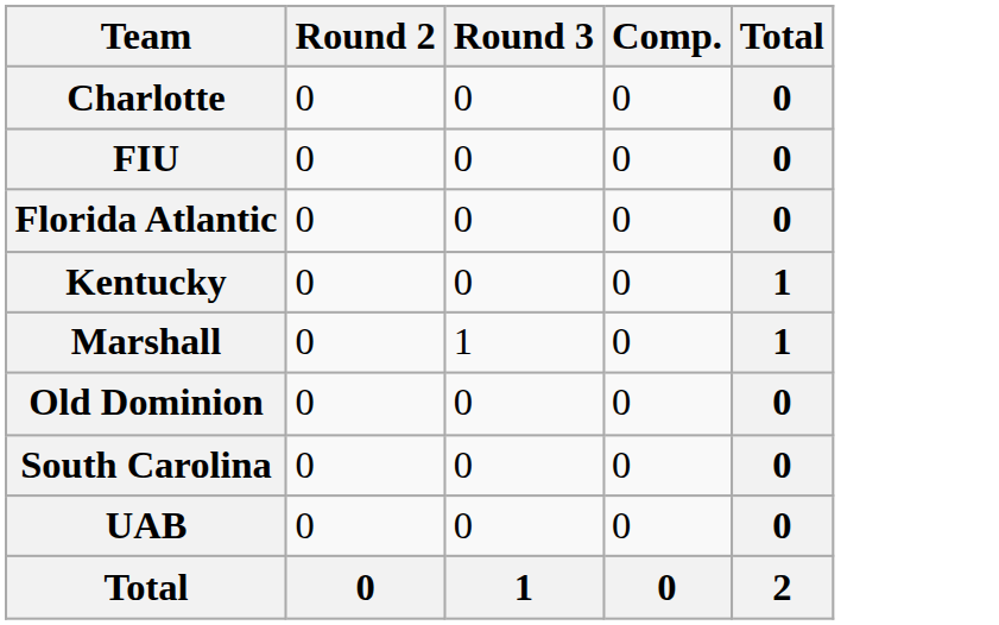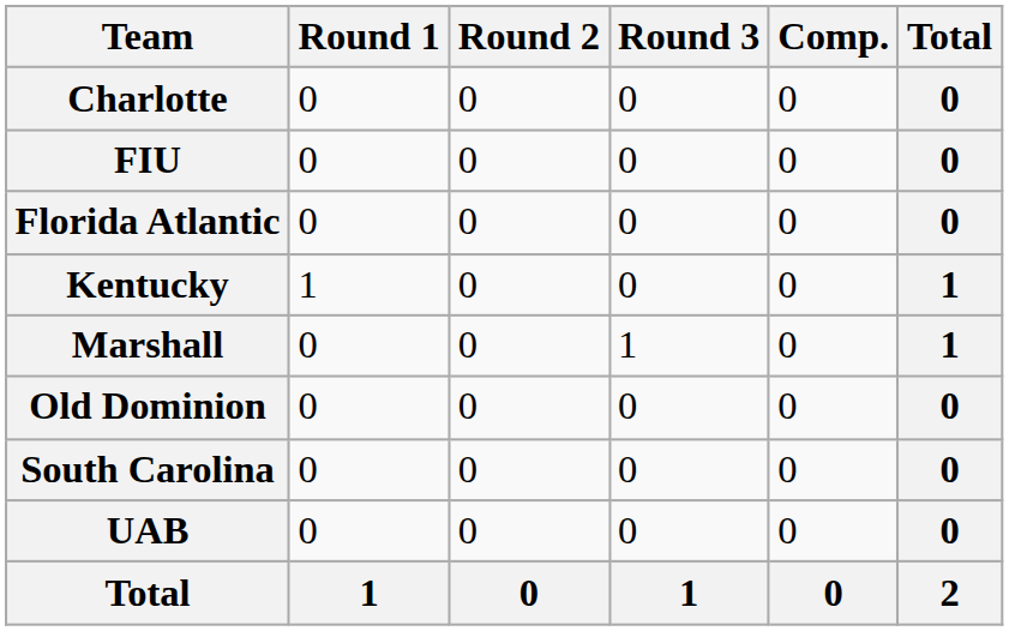 <table class="wikitable sortable">
 <tr>
 <th>Team</th>
+<th>Round 1</th>
 <th>Round 2</th>
 <th>Round 3</th>
 <th>Comp.</th>
 <th>Total</th>
 </tr>
 <tr>
 <th>Charlotte</th>
 <td>0</td>
 <td>0</td>
 <td>0</td>
+<td>0</td>
 <th>0</th>
 </tr>
 <tr>
 <th>FIU</th>
+<td>0</td>
 <td>0</td>
 <td>0</td>
 <td>0</td>
 <th>0</th>
 </tr>
 <tr>
 <th>Florida Atlantic</th>
 <td>0</td>
 <td>0</td>
 <td>0</td>
+<td>0</td>
 <th>0</th>
 </tr>
 <tr>
 <th>Kentucky</th>
+<td>1</td>
 <td>0</td>
 <td>0</td>
 <td>0</td>
 <th>1</th>
 </tr>
 <tr>
 <th>Marshall</th>
+<td>0</td>
 <td>0</td>
 <td>1</td>
 <td>0</td>
 <th>1</th>
 </tr>
 <tr>
 <th>Old Dominion</th>
 <td>0</td>
 <td>0</td>
 <td>0</td>
+<td>0</td>
 <th>0</th>
 </tr>
 <tr>
 <th>South Carolina</th>
+<td>0</td>
 <td>0</td>
 <td>0</td>
 <td>0</td>
 <th>0</th>
 </tr>
 <tr>
 <th>UAB</th>
 <td>0</td>
 <td>0</td>
 <td>0</td>
+<td>0</td>
 <th>0</th>
 </tr>
 <tr>
 <th>Total</th>
+<th>1</th>
 <th>0</th>
 <th>1</th>
 <th>0</th>
 <th>2</th>
 </tr>
 </table>
